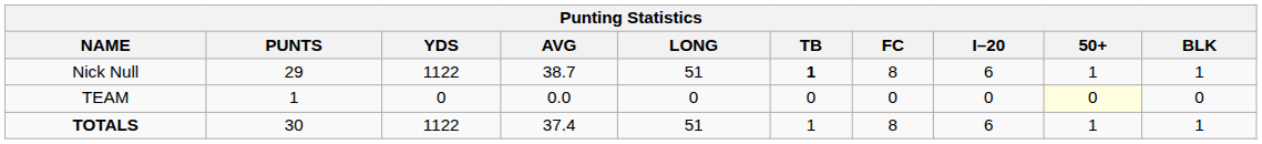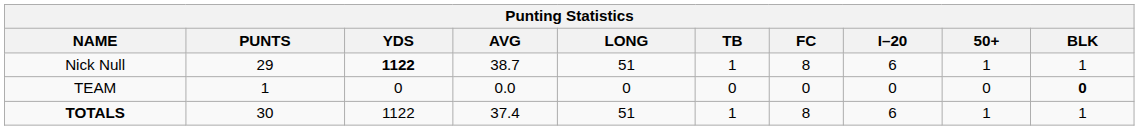 <table style="width:60%; text-align:center;" class="wikitable collapsible collapsed">
 <tr>
 <th colspan="12">Punting Statistics</th>
 </tr>
 <tr>
 <th>NAME</th>
 <th>PUNTS</th>
 <th>YDS</th>
 <th>AVG</th>
 <th>LONG</th>
 <th>TB</th>
 <th>FC</th>
 <th>I–20</th>
 <th>50+</th>
 <th>BLK</th>
 </tr>
 <tr>
 <td>Nick Null</td>
 <td>29</td>
-<td>1122</td>
+<td><strong>1122</strong></td>
 <td>38.7</td>
 <td>51</td>
-<td><strong>1</strong></td>
+<td>1</td>
 <td>8</td>
 <td>6</td>
 <td>1</td>
 <td>1</td>
 </tr>
 <tr>
 <td>TEAM</td>
 <td>1</td>
 <td>0</td>
 <td>0.0</td>
 <td>0</td>
 <td>0</td>
 <td>0</td>
 <td>0</td>
-<td style="background: lightyellow;">0</td>
 <td>0</td>
+<td><strong>0</strong></td>
 </tr>
 <tr>
 <td><strong>TOTALS</strong></td>
 <td>30</td>
 <td>1122</td>
 <td>37.4</td>
 <td>51</td>
 <td>1</td>
 <td>8</td>
 <td>6</td>
 <td>1</td>
 <td>1</td>
 </tr>
 </table>
